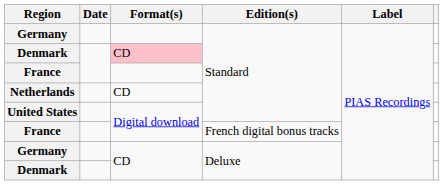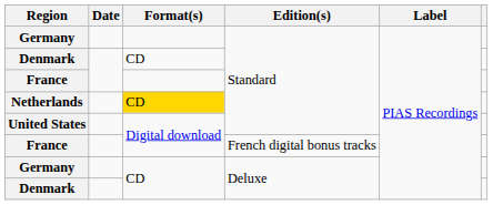 <table class="wikitable plainrowheaders">
 <tr>
 <th scope="col">Region</th>
 <th scope="col">Date</th>
 <th scope="col">Format(s)</th>
 <th scope="col">Edition(s)</th>
 <th scope="col">Label</th>
 <th scope="col"></th>
 </tr>
 <tr>
 <th scope="row">Germany</th>
 <td></td>
 <td></td>
 <td rowspan="5">Standard</td>
 <td rowspan="8"><a href='#'>PIAS Recordings</a></td>
 <td align="center"></td>
 </tr>
 <tr>
 <th scope="row">Denmark</th>
 <td rowspan="2"></td>
-<td style="background: pink;">CD</td>
+<td>CD</td>
 <td align="center"></td>
 </tr>
 <tr>
 <th scope="row">France</th>
 <td></td>
 <td align="center"></td>
 </tr>
 <tr>
 <th scope="row">Netherlands</th>
 <td></td>
-<td>CD</td>
+<td style="background: gold;">CD</td>
 <td align="center"></td>
 </tr>
 <tr>
 <th scope="row">United States</th>
 <td></td>
 <td rowspan="2"><a href='#'>Digital download</a></td>
 <td align="center"></td>
 </tr>
 <tr>
 <th scope="row">France</th>
 <td></td>
 <td>French digital bonus tracks</td>
 <td align="center"></td>
 </tr>
 <tr>
 <th scope="row">Germany</th>
 <td></td>
 <td rowspan="2">CD</td>
 <td rowspan="2">Deluxe</td>
 <td align="center"></td>
 </tr>
 <tr>
 <th scope="row">Denmark</th>
 <td></td>
 <td align="center"></td>
 </tr>
 </table>
